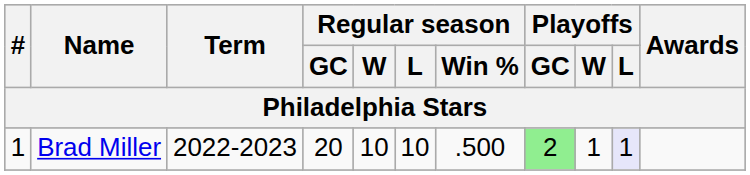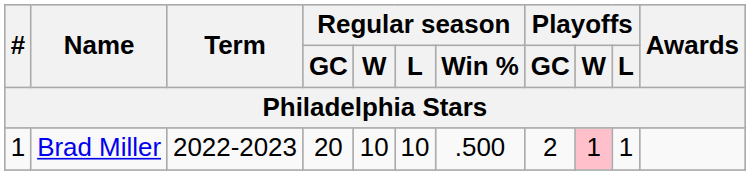 <table class="wikitable" style="text-align:center">
 <tr>
 <th rowspan="2">#</th>
 <th rowspan="2">Name</th>
 <th rowspan="2">Term</th>
 <th colspan="4">Regular season</th>
 <th colspan="3">Playoffs</th>
 <th rowspan="2">Awards</th>
 </tr>
 <tr>
 <th>GC</th>
 <th>W</th>
 <th>L</th>
 <th>Win %</th>
 <th>GC</th>
 <th>W</th>
 <th>L</th>
 </tr>
 <tr>
 <th colspan="11">Philadelphia Stars</th>
 </tr>
 <tr>
 <td>1</td>
 <td><a href='#'>Brad Miller</a></td>
 <td>2022-2023</td>
 <td>20</td>
 <td>10</td>
 <td>10</td>
 <td>.500</td>
-<td style="background: lightgreen;">2</td>
+<td>2</td>
+<td style="background: pink;">1</td>
 <td>1</td>
-<td style="background: lavender;">1</td>
 <td></td>
 </tr>
 </table>
